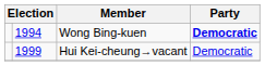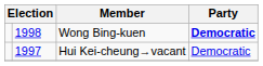 <table class="wikitable">
 <tr>
 <th colspan="2">Election</th>
 <th>Member</th>
 <th>Party</th>
 </tr>
 <tr>
 <td style="background-color: "></td>
-<td><a href='#'>1994</a></td>
+<td><a href='#'>1998</a></td>
 <td>Wong Bing-kuen</td>
 <td><strong><a href='#'>Democratic</a></strong></td>
 </tr>
 <tr>
 <td style="background-color: "></td>
-<td><a href='#'>1999</a></td>
+<td><a href='#'>1997</a></td>
 <td>Hui Kei-cheung→vacant</td>
 <td><a href='#'>Democratic</a></td>
 </tr>
 <tr>
 </tr>
 </table>
